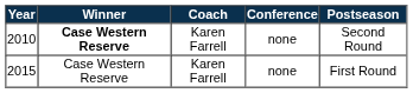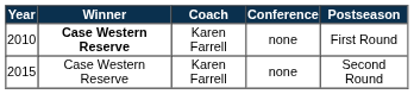 <table bcellpadding="1" border="1" cellspacing="0" style="width:80%;"valign="top">
 <tr>
 <th - style="background:#0A304E; color:white">Year</th>
 <th - style="background:#0A304E; color:white">Winner</th>
 <th - style="background:#0A304E; color:white">Coach</th>
 <th - style="background:#0A304E; color:white">Conference</th>
 <th - style="background:#0A304E; color:white">Postseason</th>
 </tr>
 <tr style="text-align:center;">
 <td>2010</td>
 <td><strong>Case Western Reserve</strong></td>
 <td>Karen Farrell</td>
 <td>none</td>
-<td>Second Round</td>
+<td>First Round</td>
 </tr>
 <tr style="text-align:center;">
 <td>2015</td>
 <td>Case Western Reserve</td>
 <td>Karen Farrell</td>
 <td>none</td>
-<td>First Round</td>
+<td>Second Round</td>
 </tr>
 <tr style="text-align:center;">
 </tr>
 </table>
